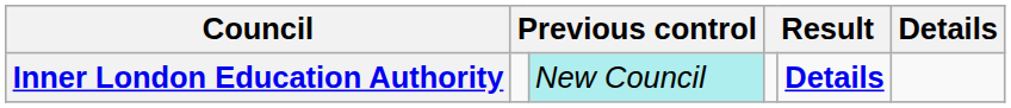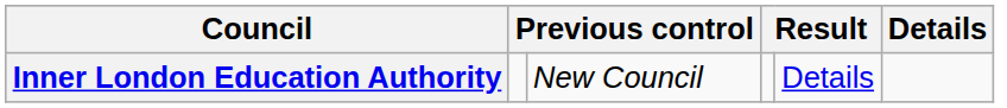 <table class="wikitable sortable" border="1">
 <tr>
 <th scope="col">Council</th>
 <th colspan=2>Previous control</th>
 <th colspan=2>Result</th>
 <th class="unsortable" scope="col">Details</th>
 </tr>
 <tr>
 <th scope="row" style="text-align: left;"><a href='#'>Inner London Education Authority</a></th>
 <td></td>
-<td style="background: paleturquoise;"><em>New Council</em></td>
+<td><em>New Council</em></td>
 <td></td>
-<td><strong><a href='#'>Details</a></strong></td>
+<td><a href='#'>Details</a></td>
 </tr>
 </table>
